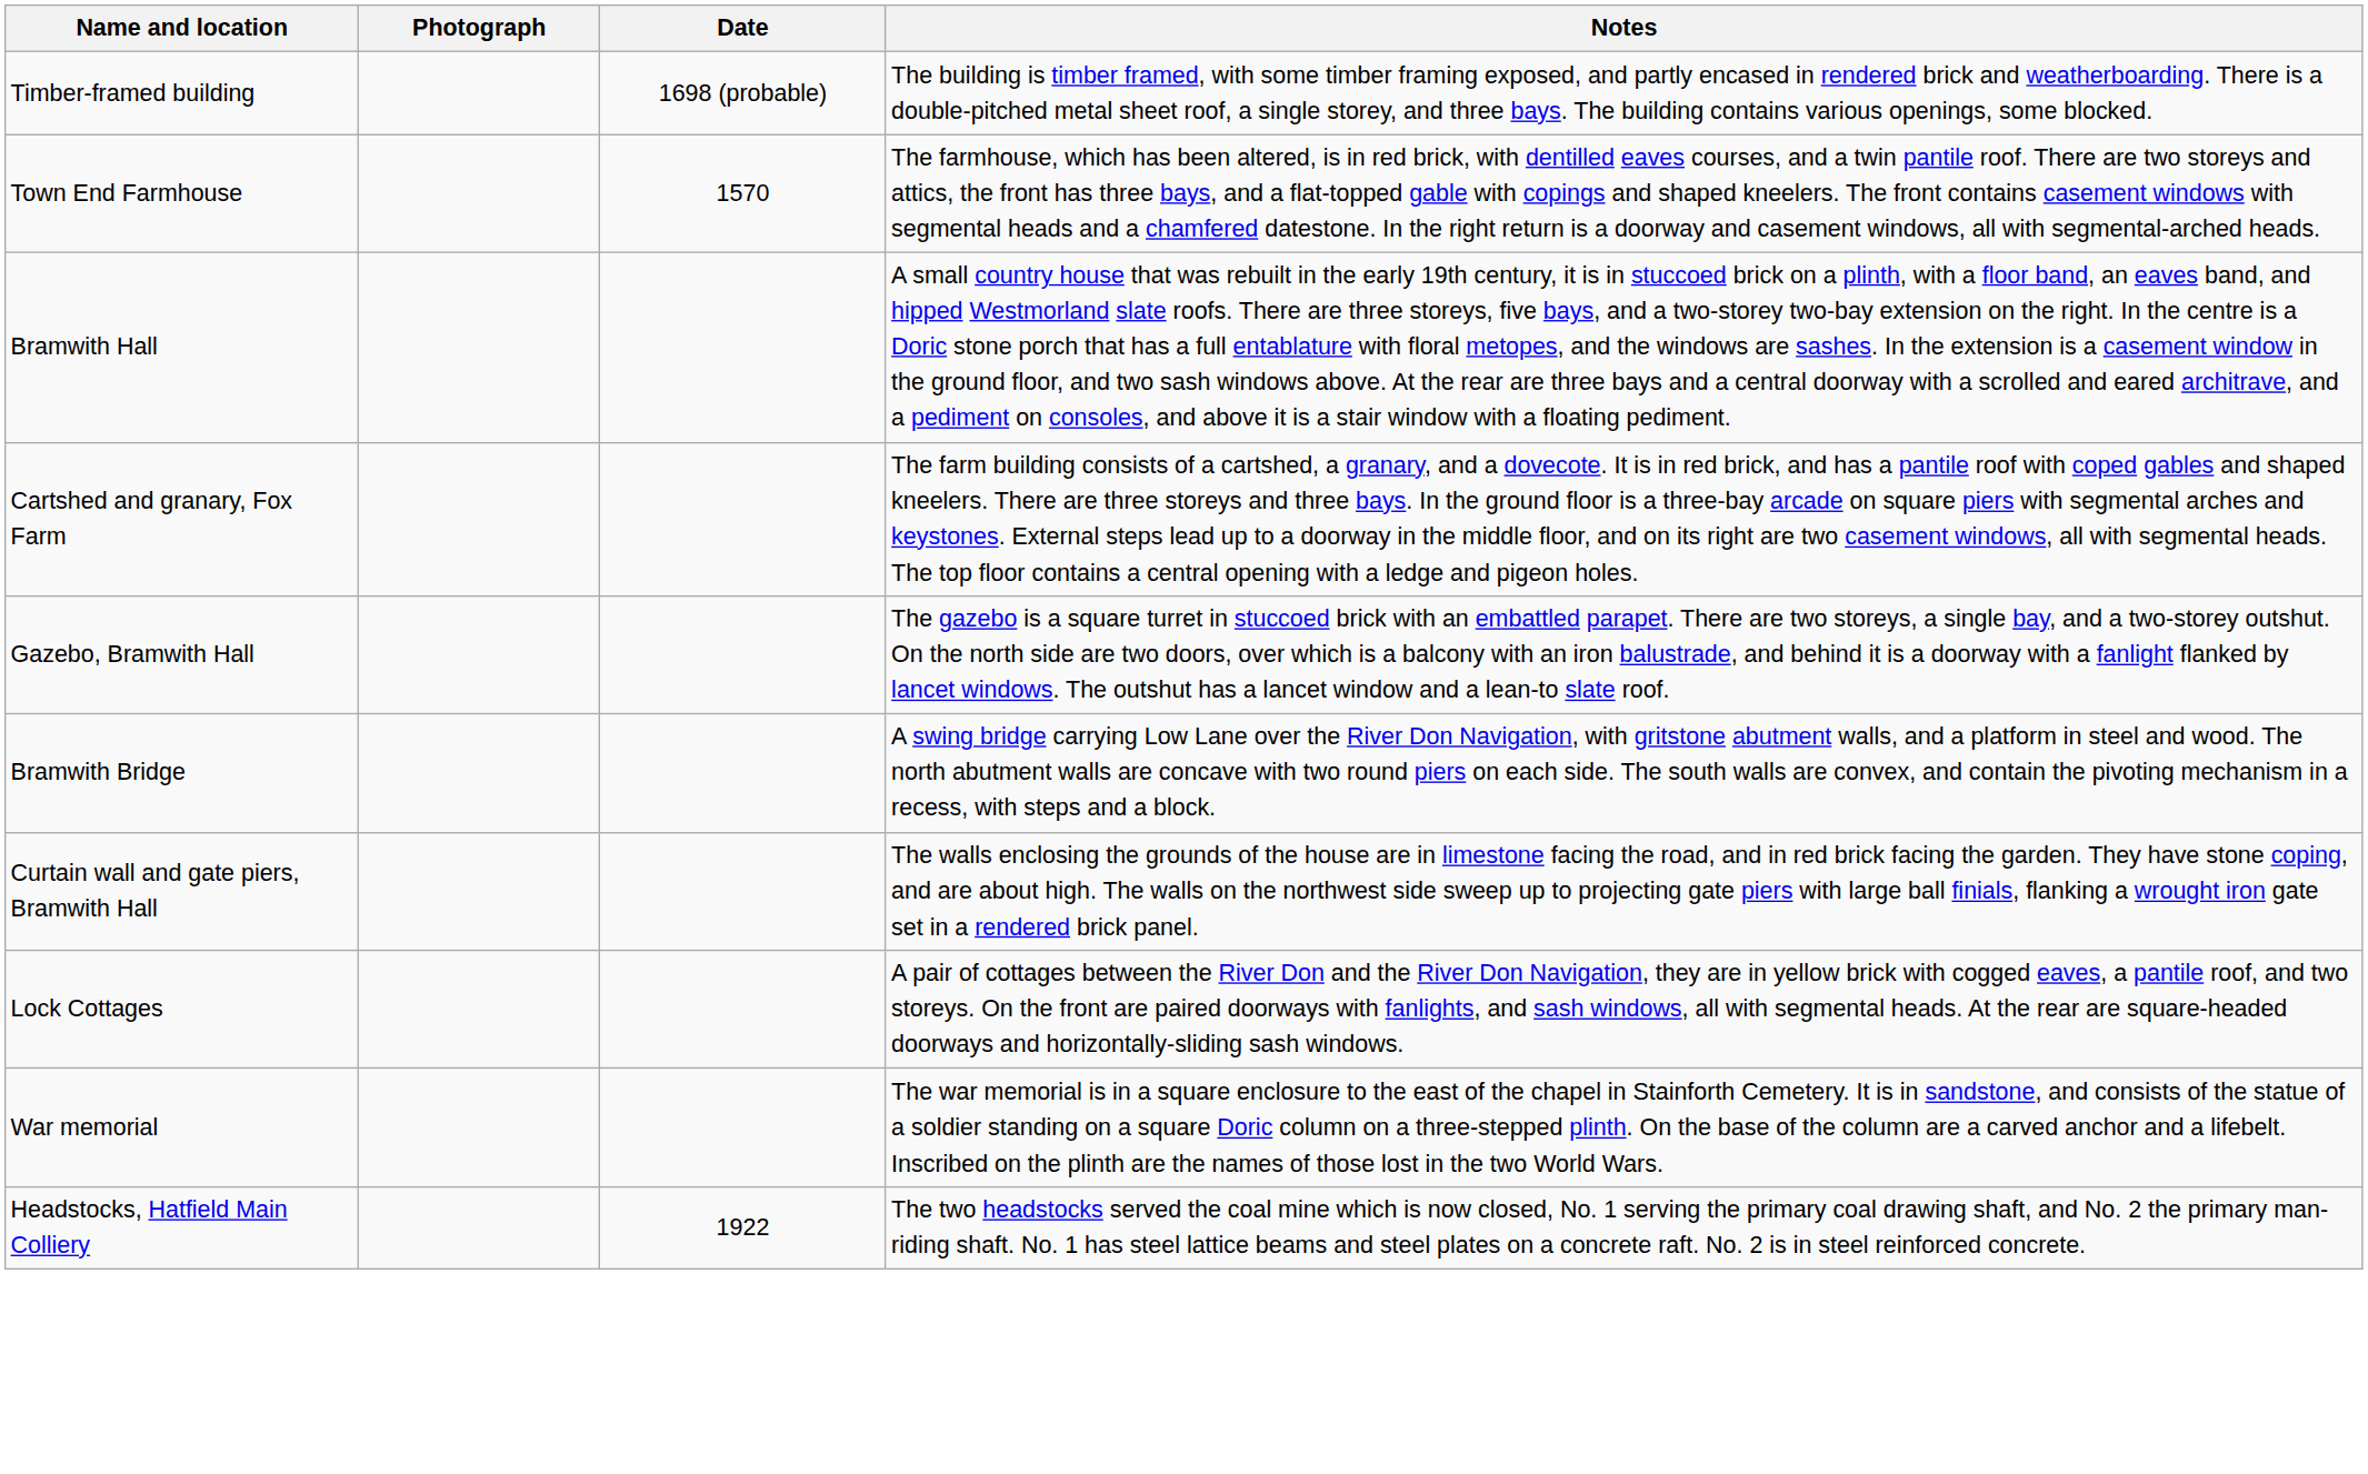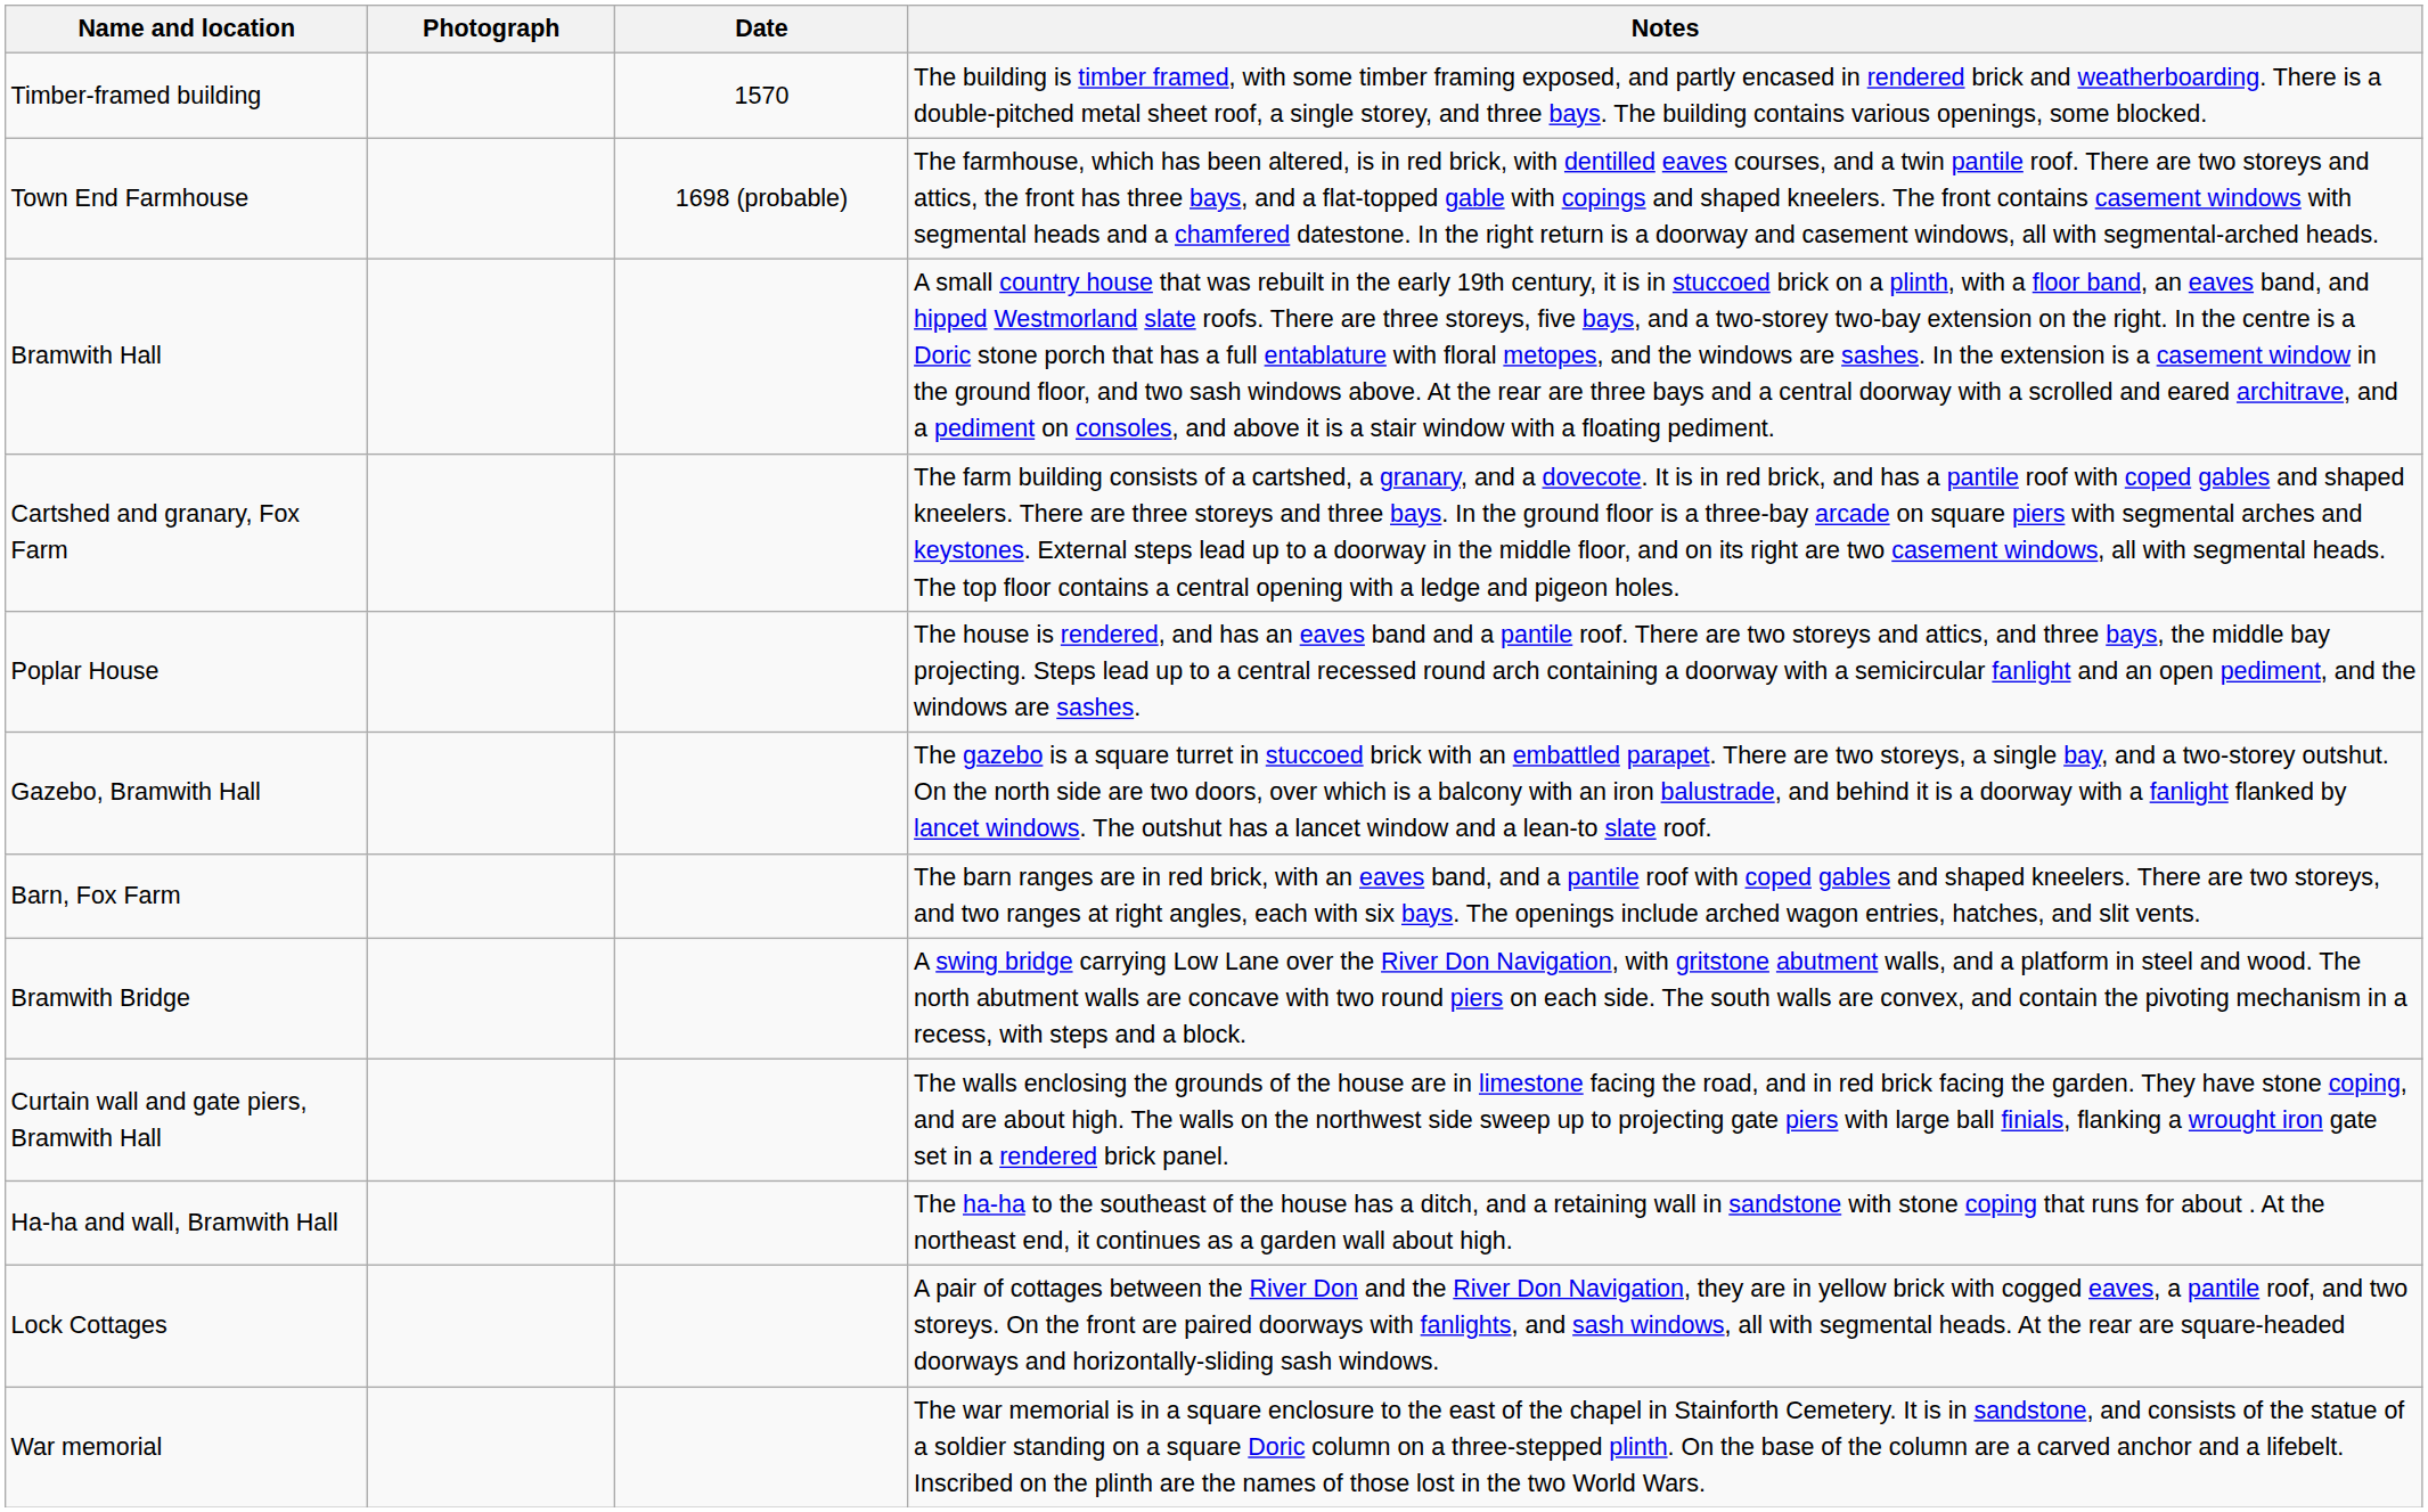 <table class="wikitable sortable plainrowheaders" style="width:100%;border:0px;text-align:left;line-height:150%;">
 <tr>
 <th scope="col"  style="width:150px">Name and location</th>
 <th scope="col"  style="width:100px" class="unsortable">Photograph</th>
 <th scope="col"  style="width:120px">Date</th>
 <th scope="col"  style="width:650px" class="unsortable">Notes</th>
 </tr>
 <tr>
 <td>Timber-framed building<br><small></small></td>
 <td></td>
-<td align="center">1698 (probable)</td>
+<td align="center">1570</td>
 <td>The building is <a href='#'>timber framed</a>, with some timber framing exposed, and partly encased in <a href='#'>rendered</a> brick and <a href='#'>weatherboarding</a>.  There is a double-pitched metal sheet roof, a single storey, and three <a href='#'>bays</a>.  The building contains various openings, some blocked.</td>
 </tr>
 <tr>
 <td>Town End Farmhouse<br><small></small></td>
 <td></td>
-<td align="center">1570</td>
+<td align="center">1698 (probable)</td>
 <td>The farmhouse, which has been altered, is in red brick, with <a href='#'>dentilled</a> <a href='#'>eaves</a> courses, and a twin <a href='#'>pantile</a> roof.  There are two storeys and attics, the front has three <a href='#'>bays</a>, and a flat-topped <a href='#'>gable</a> with <a href='#'>copings</a> and shaped kneelers.  The front contains <a href='#'>casement windows</a> with segmental heads and a <a href='#'>chamfered</a> datestone.  In the right return is a doorway and casement windows, all with segmental-arched heads.</td>
 </tr>
 <tr>
 <td>Bramwith Hall<br><small></small></td>
 <td></td>
 <td align="center"></td>
 <td>A small <a href='#'>country house</a> that was rebuilt in the early 19th century, it is in <a href='#'>stuccoed</a> brick on a <a href='#'>plinth</a>, with a <a href='#'>floor band</a>, an <a href='#'>eaves</a> band, and <a href='#'>hipped</a> <a href='#'>Westmorland</a> <a href='#'>slate</a> roofs.  There are three storeys, five <a href='#'>bays</a>, and a two-storey two-bay extension on the right.  In the centre is a <a href='#'>Doric</a> stone porch that has a full <a href='#'>entablature</a> with floral <a href='#'>metopes</a>, and the windows are <a href='#'>sashes</a>.  In the extension is a <a href='#'>casement window</a> in the ground floor, and two sash windows above.  At the rear are three bays and a central doorway with a scrolled and eared <a href='#'>architrave</a>, and a <a href='#'>pediment</a> on <a href='#'>consoles</a>, and above it is a stair window with a floating pediment.</td>
 </tr>
 <tr>
 <td>Cartshed and granary, Fox Farm<br><small></small></td>
 <td></td>
 <td align="center"></td>
 <td>The farm building consists of a cartshed, a <a href='#'>granary</a>, and a <a href='#'>dovecote</a>.  It is in red brick, and has a <a href='#'>pantile</a> roof with <a href='#'>coped</a> <a href='#'>gables</a> and shaped kneelers.  There are three storeys and three <a href='#'>bays</a>.  In the ground floor is a three-bay <a href='#'>arcade</a> on square <a href='#'>piers</a> with segmental arches and <a href='#'>keystones</a>.  External steps lead up to a doorway in the middle floor, and on its right are two <a href='#'>casement windows</a>, all with segmental heads.  The top floor contains a central opening with a ledge and pigeon holes.</td>
 </tr>
 <tr>
+<td>Poplar House<br><small></small></td>
+<td></td>
+<td align="center"></td>
+<td>The house is <a href='#'>rendered</a>, and has an <a href='#'>eaves</a> band and a <a href='#'>pantile</a> roof.  There are two storeys and attics, and three <a href='#'>bays</a>, the middle bay projecting.  Steps lead up to a central recessed round arch containing a doorway with a semicircular <a href='#'>fanlight</a> and an open <a href='#'>pediment</a>, and the windows are <a href='#'>sashes</a>.</td>
+</tr>
+<tr>
 <td>Gazebo, Bramwith Hall<br><small></small></td>
 <td></td>
 <td align="center"></td>
 <td>The <a href='#'>gazebo</a> is a square turret in <a href='#'>stuccoed</a> brick with an <a href='#'>embattled</a> <a href='#'>parapet</a>.  There are two storeys, a single <a href='#'>bay</a>, and a two-storey outshut.  On the north side are two doors, over which is a balcony with an iron <a href='#'>balustrade</a>, and behind it is a doorway with a <a href='#'>fanlight</a> flanked by <a href='#'>lancet windows</a>.  The outshut has a lancet window and a lean-to <a href='#'>slate</a> roof.</td>
+</tr>
+<tr>
+<td>Barn, Fox Farm<br><small></small></td>
+<td></td>
+<td align="center"></td>
+<td>The barn ranges are in red brick, with an <a href='#'>eaves</a> band, and a <a href='#'>pantile</a> roof with <a href='#'>coped</a> <a href='#'>gables</a> and shaped kneelers.  There are two storeys, and two ranges at right angles, each with six <a href='#'>bays</a>.  The openings include arched wagon entries, hatches, and slit vents.</td>
 </tr>
 <tr>
 <td>Bramwith Bridge<br><small></small></td>
 <td></td>
 <td align="center"></td>
 <td>A <a href='#'>swing bridge</a> carrying Low Lane over the <a href='#'>River Don Navigation</a>, with <a href='#'>gritstone</a> <a href='#'>abutment</a> walls, and a platform in steel and wood.  The north abutment walls are concave with two round <a href='#'>piers</a> on each side.  The south walls are convex, and contain the pivoting mechanism in a recess, with steps and a block.</td>
 </tr>
 <tr>
 <td>Curtain wall and gate piers,<br>Bramwith Hall<br><small></small></td>
 <td></td>
 <td align="center"></td>
 <td>The walls enclosing the grounds of the house are in <a href='#'>limestone</a> facing the road, and in red brick facing the garden.  They have stone <a href='#'>coping</a>, and are about  high.  The walls on the northwest side sweep up to projecting gate <a href='#'>piers</a> with large ball <a href='#'>finials</a>, flanking a <a href='#'>wrought iron</a> gate set in a <a href='#'>rendered</a> brick panel.</td>
 </tr>
 <tr>
+<td>Ha-ha and wall, Bramwith Hall<br><small></small></td>
+<td></td>
+<td align="center"></td>
+<td>The <a href='#'>ha-ha</a> to the southeast of the house has a ditch, and a retaining wall in <a href='#'>sandstone</a> with stone <a href='#'>coping</a> that runs for about .  At the northeast end, it continues as a garden wall about  high.</td>
+</tr>
+<tr>
 <td>Lock Cottages<br><small></small></td>
 <td></td>
 <td align="center"></td>
 <td>A pair of cottages between the <a href='#'>River Don</a> and the <a href='#'>River Don Navigation</a>, they are in yellow brick with cogged <a href='#'>eaves</a>, a <a href='#'>pantile</a> roof, and two storeys.  On the front are paired doorways with <a href='#'>fanlights</a>, and <a href='#'>sash windows</a>, all with segmental heads.  At the rear are square-headed doorways and horizontally-sliding sash windows.</td>
 </tr>
 <tr>
 <td>War memorial<br><small></small></td>
 <td></td>
 <td align="center"></td>
 <td>The war memorial is in a square enclosure to the east of the chapel in Stainforth Cemetery.  It is in <a href='#'>sandstone</a>, and consists of the statue of a soldier standing on a square <a href='#'>Doric</a> column on a three-stepped <a href='#'>plinth</a>.  On the base of the column are a carved anchor and a lifebelt.  Inscribed on the plinth are the names of those lost in the two World Wars.</td>
 </tr>
 <tr>
-<td>Headstocks, <a href='#'>Hatfield Main Colliery</a><br><small></small></td>
-<td></td>
-<td align="center">1922</td>
-<td>The two <a href='#'>headstocks</a> served the coal mine which is now closed, No. 1 serving the primary coal drawing shaft, and No. 2 the primary man-riding shaft.  No. 1 has steel lattice beams and steel plates on a concrete raft.  No. 2 is in steel reinforced concrete.</td>
-</tr>
-<tr>
 </tr>
 </table>
